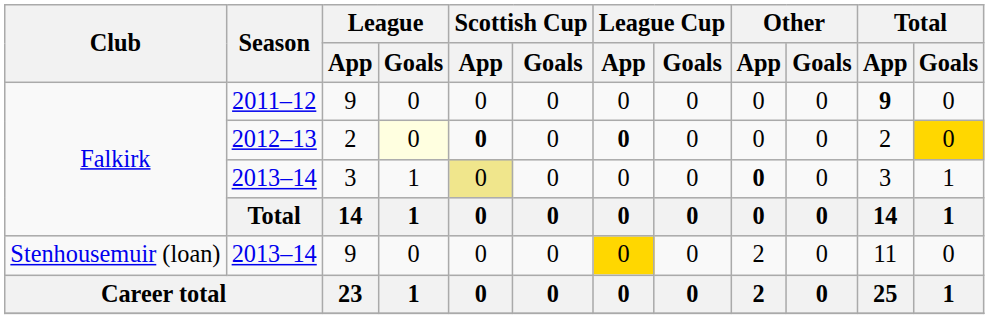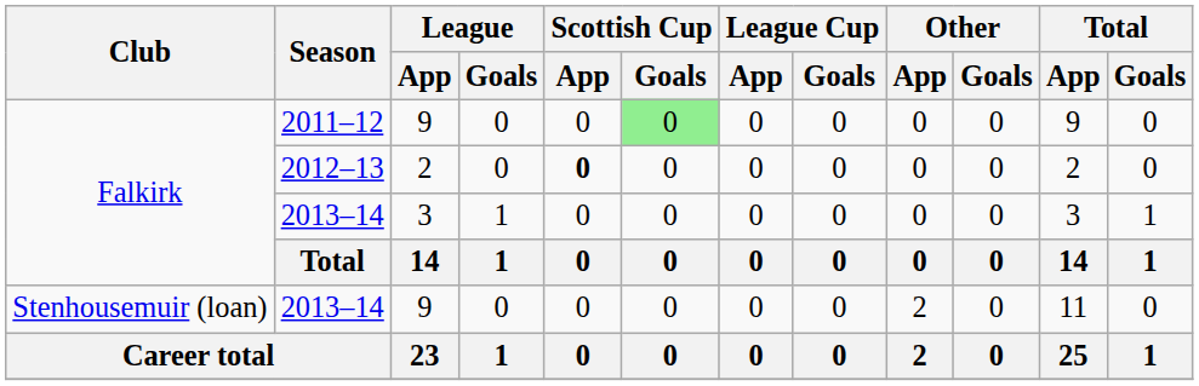 <table class="wikitable">
 <tr>
 <th rowspan=2>Club</th>
 <th rowspan=2>Season</th>
 <th colspan=2>League</th>
 <th colspan=2>Scottish Cup</th>
 <th colspan=2>League Cup</th>
 <th colspan=2>Other</th>
 <th colspan=2>Total</th>
 </tr>
 <tr>
 <th>App</th>
 <th>Goals</th>
 <th>App</th>
 <th>Goals</th>
 <th>App</th>
 <th>Goals</th>
 <th>App</th>
 <th>Goals</th>
 <th>App</th>
 <th>Goals</th>
 </tr>
 <tr align=center>
 <td rowspan=4><a href='#'>Falkirk</a></td>
 <td><a href='#'>2011–12</a></td>
 <td>9</td>
 <td>0</td>
 <td>0</td>
+<td style="background: lightgreen;">0</td>
+<td>0</td>
+<td>0</td>
+<td>0</td>
+<td>0</td>
+<td>9</td>
+<td>0</td>
+</tr>
+<tr align=center>
+<td><a href='#'>2012–13</a></td>
+<td>2</td>
+<td>0</td>
+<td><strong>0</strong></td>
 <td>0</td>
 <td>0</td>
 <td>0</td>
 <td>0</td>
 <td>0</td>
-<td><strong>9</strong></td>
+<td>2</td>
 <td>0</td>
-</tr>
-<tr align=center>
-<td><a href='#'>2012–13</a></td>
-<td>2</td>
-<td style="background: lightyellow;">0</td>
-<td><strong>0</strong></td>
-<td>0</td>
-<td><strong>0</strong></td>
-<td>0</td>
-<td>0</td>
-<td>0</td>
-<td>2</td>
-<td style="background: gold;">0</td>
 </tr>
 <tr align=center>
 <td><a href='#'>2013–14</a></td>
 <td>3</td>
 <td>1</td>
-<td style="background: khaki;">0</td>
 <td>0</td>
 <td>0</td>
 <td>0</td>
-<td><strong>0</strong></td>
+<td>0</td>
+<td>0</td>
 <td>0</td>
 <td>3</td>
 <td>1</td>
 </tr>
 <tr align=center>
 <th>Total</th>
 <th>14</th>
 <th>1</th>
 <th>0</th>
 <th>0</th>
 <th>0</th>
 <th>0</th>
 <th>0</th>
 <th>0</th>
 <th>14</th>
 <th>1</th>
 </tr>
 <tr align=center>
 <td rowspan=1><a href='#'>Stenhousemuir</a> (loan)</td>
 <td><a href='#'>2013–14</a></td>
 <td>9</td>
 <td>0</td>
 <td>0</td>
 <td>0</td>
-<td style="background: gold;">0</td>
+<td>0</td>
 <td>0</td>
 <td>2</td>
 <td>0</td>
 <td>11</td>
 <td>0</td>
 </tr>
 <tr align=center>
 <th colspan=2>Career total</th>
 <th>23</th>
 <th>1</th>
 <th>0</th>
 <th>0</th>
 <th>0</th>
 <th>0</th>
 <th>2</th>
 <th>0</th>
 <th>25</th>
 <th>1</th>
 </tr>
 <tr>
 </tr>
 </table>
